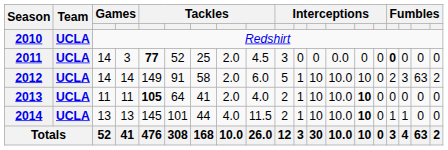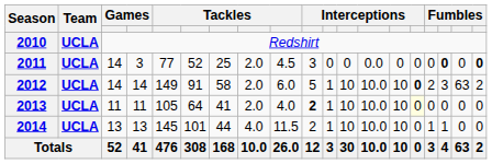 <table class="wikitable" style="text-align:center;">
 <tr>
 <th rowspan="2">Season</th>
 <th rowspan="2">Team</th>
 <th colspan="2">Games</th>
 <th colspan="5">Tackles</th>
 <th colspan="6">Interceptions</th>
 <th colspan="4">Fumbles</th>
 </tr>
 <tr>
 <th></th>
 <th></th>
 <th></th>
 <th></th>
 <th></th>
 <th></th>
 <th></th>
 <th></th>
 <th></th>
 <th></th>
 <th></th>
 <th></th>
 <th></th>
 <th></th>
 <th></th>
 <th></th>
 <th></th>
 </tr>
 <tr>
 <th><a href='#'>2010</a></th>
 <th><a href='#'>UCLA</a></th>
 <td colspan="17"> <em><a href='#'>Redshirt</a></em></td>
 </tr>
 <tr>
 <th><a href='#'>2011</a></th>
 <th><a href='#'>UCLA</a></th>
 <td>14</td>
 <td>3</td>
-<td><strong>77</strong></td>
+<td>77</td>
 <td>52</td>
 <td>25</td>
 <td>2.0</td>
 <td>4.5</td>
 <td>3</td>
 <td>0</td>
 <td>0</td>
 <td>0.0</td>
 <td>0</td>
 <td>0</td>
+<td>0</td>
 <td><strong>0</strong></td>
 <td>0</td>
-<td>0</td>
-<td>0</td>
+<td><strong>0</strong></td>
 </tr>
 <tr>
 <th><a href='#'>2012</a></th>
 <th><a href='#'>UCLA</a></th>
 <td>14</td>
 <td>14</td>
 <td>149</td>
 <td>91</td>
 <td>58</td>
 <td>2.0</td>
 <td>6.0</td>
 <td>5</td>
 <td>1</td>
 <td>10</td>
 <td>10.0</td>
 <td>10</td>
-<td>0</td>
+<td><strong>0</strong></td>
 <td>2</td>
 <td>3</td>
 <td>63</td>
 <td>2</td>
 </tr>
 <tr>
 <th><a href='#'>2013</a></th>
 <th><a href='#'>UCLA</a></th>
 <td>11</td>
 <td>11</td>
-<td><strong>105</strong></td>
+<td>105</td>
 <td>64</td>
 <td>41</td>
 <td>2.0</td>
 <td>4.0</td>
-<td>2</td>
+<td><strong>2</strong></td>
 <td>1</td>
 <td>10</td>
 <td>10.0</td>
-<td><strong>10</strong></td>
-<td>0</td>
+<td>10</td>
+<td style="background: lightyellow;">0</td>
 <td>0</td>
 <td>0</td>
 <td>0</td>
 <td>0</td>
 </tr>
 <tr>
 <th><a href='#'>2014</a></th>
 <th><a href='#'>UCLA</a></th>
 <td>13</td>
 <td>13</td>
 <td>145</td>
 <td>101</td>
 <td>44</td>
 <td>4.0</td>
 <td>11.5</td>
 <td>2</td>
 <td>1</td>
 <td>10</td>
 <td>10.0</td>
-<td><strong>10</strong></td>
+<td>10</td>
 <td>0</td>
 <td>1</td>
 <td>1</td>
 <td>0</td>
 <td>0</td>
 </tr>
 <tr>
 <th colspan="2">Totals</th>
 <th>52</th>
 <th>41</th>
 <th>476</th>
 <th>308</th>
 <th>168</th>
 <th>10.0</th>
 <th>26.0</th>
 <th>12</th>
 <th>3</th>
 <th>30</th>
 <th>10.0</th>
 <th>10</th>
 <th>0</th>
 <th>3</th>
 <th>4</th>
 <th>63</th>
 <th>2</th>
 </tr>
 </table>
